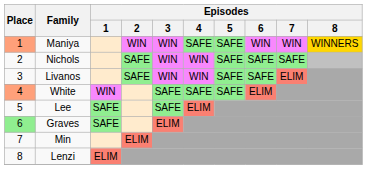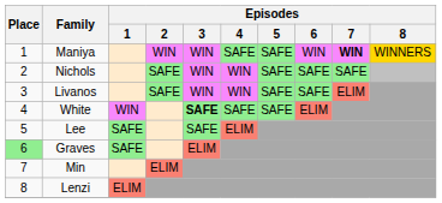 <table class="wikitable" style="text-align: center;">
 <tr>
 <th rowspan="2" style="width:30px">Place</th>
 <th rowspan="2" style="width:80px">Family</th>
 <th colspan="8">Episodes</th>
 </tr>
 <tr>
 <th style="width:40px">1</th>
 <th style="width:40px">2</th>
 <th style="width:40px">3</th>
 <th style="width:40px">4</th>
 <th style="width:40px">5</th>
 <th style="width:40px">6</th>
 <th style="width:40px">7</th>
 <th style="width:80px">8</th>
 </tr>
 <tr>
-<td style="background: lightsalmon;">1</td>
+<td>1</td>
 <td>Maniya</td>
 <td style="background:#FFEBCD;"></td>
 <td style="background:#F888FD;">WIN</td>
 <td style="background:#F888FD;">WIN</td>
 <td style="background:lightgreen;">SAFE</td>
 <td style="background:lightgreen;">SAFE</td>
 <td style="background:#F888FD;">WIN</td>
-<td style="background:#F888FD;">WIN</td>
+<td style="background:#F888FD;"><strong>WIN</strong></td>
 <td style="background:gold;">WINNERS</td>
 </tr>
 <tr>
 <td>2</td>
 <td>Nichols</td>
 <td style="background:#FFEBCD;"></td>
 <td style="background:lightgreen;">SAFE</td>
 <td style="background:#F888FD;">WIN</td>
 <td style="background:#F888FD;">WIN</td>
 <td style="background:lightgreen;">SAFE</td>
 <td style="background:lightgreen;">SAFE</td>
 <td style="background:lightgreen;">SAFE</td>
 <td style="background:silver;"></td>
 </tr>
 <tr>
 <td>3</td>
 <td>Livanos</td>
 <td style="background:#FFEBCD;"></td>
 <td style="background:lightgreen;">SAFE</td>
 <td style="background:#F888FD;">WIN</td>
 <td style="background:#F888FD;">WIN</td>
 <td style="background:lightgreen;">SAFE</td>
 <td style="background:lightgreen;">SAFE</td>
 <td style="background:salmon;">ELIM</td>
 <td style="background:darkgrey;" colspan="1"></td>
 </tr>
 <tr>
-<td style="background: lightsalmon;">4</td>
+<td>4</td>
 <td>White</td>
 <td style="background:#F888FD;">WIN</td>
 <td style="background:#FFEBCD;"></td>
-<td style="background:lightgreen;">SAFE</td>
+<td style="background:lightgreen;"><strong>SAFE</strong></td>
 <td style="background:lightgreen;">SAFE</td>
 <td style="background:lightgreen;">SAFE</td>
 <td style="background:salmon;">ELIM</td>
 <td style="background:darkgrey;" colspan="2"></td>
 </tr>
 <tr>
 <td>5</td>
 <td>Lee</td>
 <td style="background: lightgreen;">SAFE</td>
 <td style="background:#FFEBCD;"></td>
 <td style="background:lightgreen;">SAFE</td>
 <td style="background:salmon;">ELIM</td>
 <td style="background:darkgrey;" colspan="4"></td>
 </tr>
 <tr>
 <td style="background: lightgreen;">6</td>
 <td>Graves</td>
 <td style="background:lightgreen;">SAFE</td>
 <td style="background:#FFEBCD;"></td>
 <td style="background:salmon;">ELIM</td>
 <td style="background:darkgrey;" colspan="5"></td>
 </tr>
 <tr>
 <td>7</td>
 <td>Min</td>
 <td style="background:#FFEBCD;"></td>
 <td style="background:salmon;">ELIM</td>
 <td style="background:darkgrey;" colspan="6"></td>
 </tr>
 <tr>
 <td>8</td>
 <td>Lenzi</td>
 <td style="background:salmon;">ELIM</td>
 <td style="background:darkgrey;" colspan="7"></td>
 </tr>
 <tr>
 </tr>
 </table>
